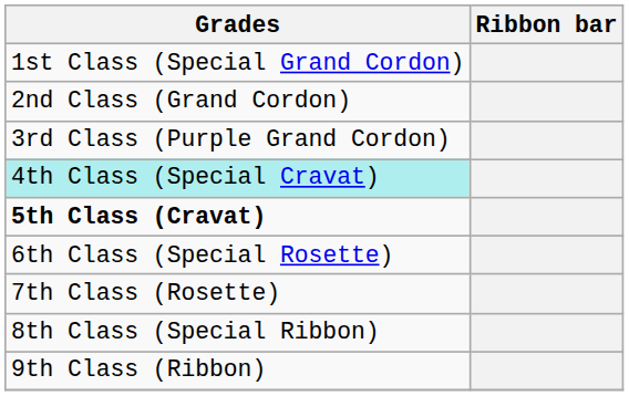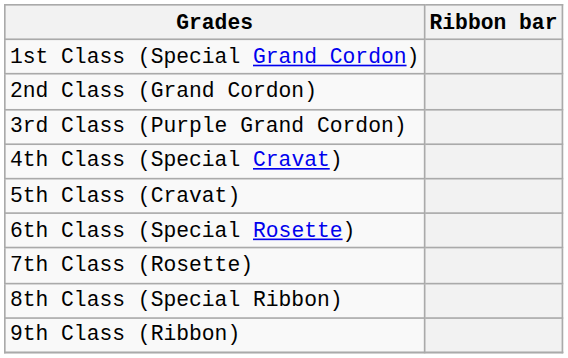 <table class="wikitable">
 <tr>
 <th>Grades</th>
 <th>Ribbon bar</th>
 </tr>
 <tr>
 <td>1st Class (Special <a href='#'>Grand Cordon</a>)</td>
 <th></th>
 </tr>
 <tr>
 <td>2nd Class (Grand Cordon)</td>
 <th></th>
 </tr>
 <tr>
 <td>3rd Class (Purple Grand Cordon)</td>
 <th></th>
 </tr>
 <tr>
-<td style="background: paleturquoise;">4th Class (Special <a href='#'>Cravat</a>)</td>
+<td>4th Class (Special <a href='#'>Cravat</a>)</td>
 <th></th>
 </tr>
 <tr>
-<td><strong>5th Class (Cravat)</strong></td>
+<td>5th Class (Cravat)</td>
 <th></th>
 </tr>
 <tr>
 <td>6th Class (Special <a href='#'>Rosette</a>)</td>
 <th></th>
 </tr>
 <tr>
 <td>7th Class (Rosette)</td>
 <th></th>
 </tr>
 <tr>
 <td>8th Class (Special Ribbon)</td>
 <th></th>
 </tr>
 <tr>
 <td>9th Class (Ribbon)</td>
 <th></th>
 </tr>
 <tr>
 </tr>
 </table>
